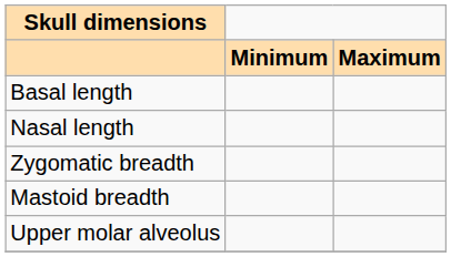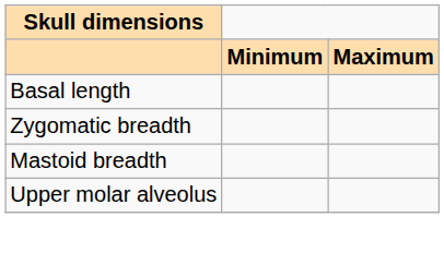 <table class="wikitable collapsible collapsed" style="align: center; float: right; margin-left: 0.5em">
 <tr>
 <th style="background:#ffdead;">Skull dimensions</th>
 </tr>
 <tr --->
 <th style="background:#ffdead;"></th>
 <th style="background:#ffdead;">Minimum</th>
 <th style="background:#ffdead;">Maximum</th>
 </tr>
 <tr --->
 <td>Basal length</td>
-<td></td>
-<td></td>
-</tr>
-<tr --->
-<td>Nasal length</td>
 <td></td>
 <td></td>
 </tr>
 <tr --->
 <td>Zygomatic breadth</td>
 <td></td>
 <td></td>
 </tr>
 <tr --->
 <td>Mastoid breadth</td>
 <td></td>
 <td></td>
 </tr>
 <tr --->
 <td>Upper molar alveolus</td>
 <td></td>
 <td></td>
 </tr>
 <tr --->
 </tr>
 </table>
